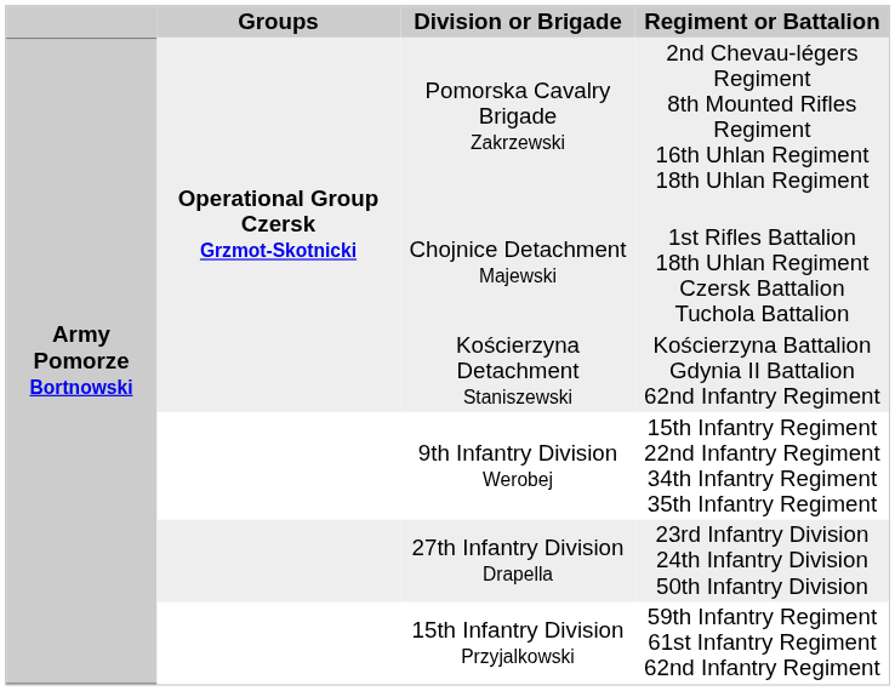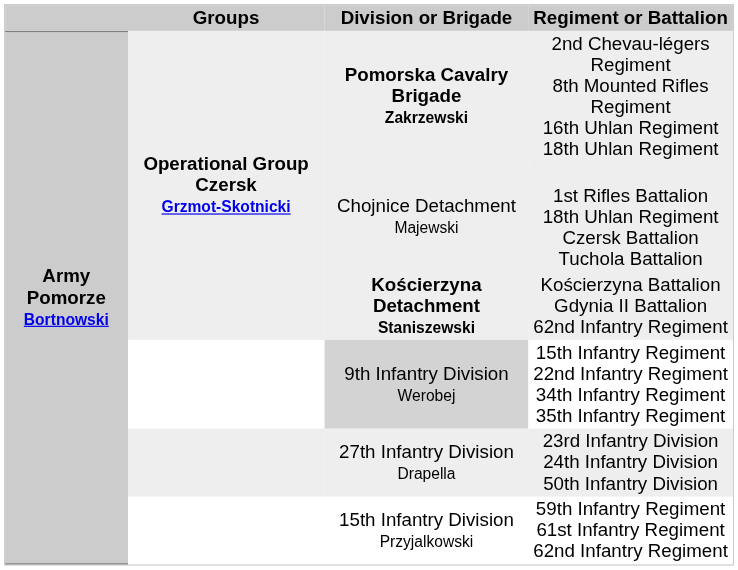 <table border="0" cellspacing="0" cellpadding="2" style="text-align:center;border:1px solid #ccc;">
 <tr>
 <th ROWSPAN=1 style="background:#ccc;"></th>
 <td style="background:#ccc;"><strong>Groups</strong></td>
 <td style="background:#ccc;"><strong>Division or Brigade</strong></td>
 <td style="background:#ccc;"><strong>Regiment or Battalion</strong></td>
 </tr>
 <tr style="background:#eee;">
 <th ROWSPAN=7 style="background:#ccc; border-top:1px solid gray; border-bottom:1px solid gray;">Army Pomorze <br><small><a href='#'>Bortnowski</a></small></th>
 <th ROWSPAN=3>Operational Group Czersk <br><small><a href='#'>Grzmot-Skotnicki</a></small></th>
-<td>Pomorska Cavalry Brigade  <br><small>Zakrzewski</small></td>
+<td><strong>Pomorska Cavalry Brigade  <br><small>Zakrzewski</small></strong></td>
 <td>2nd Chevau-légers Regiment <br> 8th Mounted Rifles Regiment <br> 16th Uhlan Regiment <br> 18th Uhlan Regiment</td>
 </tr>
 <tr style="background:#eee;">
 <td>Chojnice Detachment  <br><small>Majewski</small></td>
 <td><br> 1st Rifles Battalion <br> 18th Uhlan Regiment <br> Czersk Battalion <br> Tuchola Battalion</td>
 </tr>
 <tr style="background:#eee;">
-<td>Kościerzyna Detachment <br><small>Staniszewski</small></td>
+<td><strong>Kościerzyna Detachment <br><small>Staniszewski</small></strong></td>
 <td>Kościerzyna Battalion  <br> Gdynia II Battalion <br> 62nd Infantry Regiment</td>
 </tr>
 <tr>
 <td></td>
-<td>9th Infantry Division <br><small>Werobej</small></td>
+<td style="background: lightgrey;">9th Infantry Division <br><small>Werobej</small></td>
 <td>15th Infantry Regiment <br> 22nd Infantry Regiment <br> 34th Infantry Regiment <br> 35th Infantry Regiment</td>
 </tr>
 <tr style="background:#eee;">
 <td></td>
 <td>27th Infantry Division <br><small>Drapella</small></td>
 <td>23rd Infantry Division <br> 24th Infantry Division <br> 50th Infantry Division</td>
 </tr>
 <tr>
 <td></td>
 <td>15th Infantry Division <br><small>Przyjalkowski</small></td>
 <td>59th Infantry Regiment <br> 61st Infantry Regiment <br> 62nd Infantry Regiment</td>
 </tr>
 </table>
